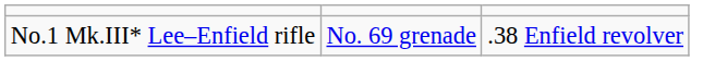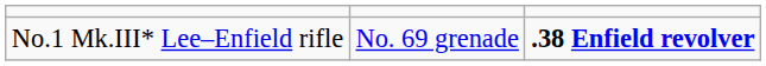 <table class="wikitable">
 <tr>
 <td></td>
 <td></td>
 <td></td>
 </tr>
 <tr>
 <td>No.1 Mk.III* <a href='#'>Lee–Enfield</a> rifle</td>
 <td><a href='#'>No. 69 grenade</a></td>
-<td>.38 <a href='#'>Enfield revolver</a></td>
+<td><strong>.38 <a href='#'>Enfield revolver</a></strong></td>
 </tr>
 </table>
